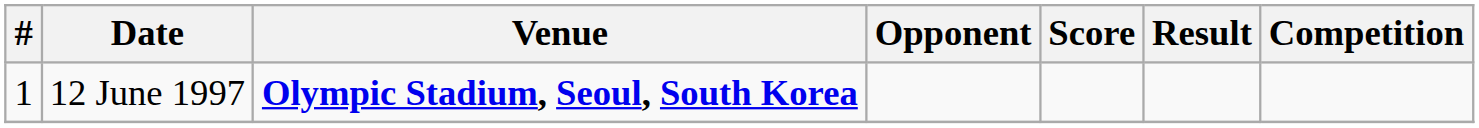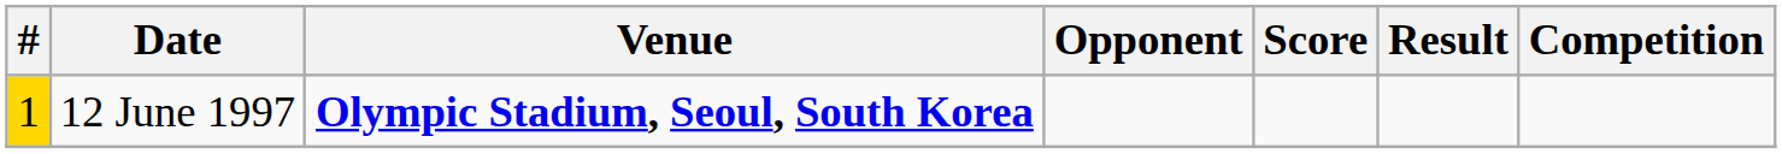 <table class="wikitable" style="margin:1em auto;">
 <tr>
 <th>#</th>
 <th>Date</th>
 <th>Venue</th>
 <th>Opponent</th>
 <th>Score</th>
 <th>Result</th>
 <th>Competition</th>
 </tr>
 <tr>
-<td>1</td>
+<td style="background: gold;">1</td>
 <td>12 June 1997</td>
 <td><strong><a href='#'>Olympic Stadium</a>, <a href='#'>Seoul</a>, <a href='#'>South Korea</a></strong></td>
 <td></td>
 <td></td>
 <td></td>
 <td></td>
 </tr>
 <tr>
 </tr>
 </table>
